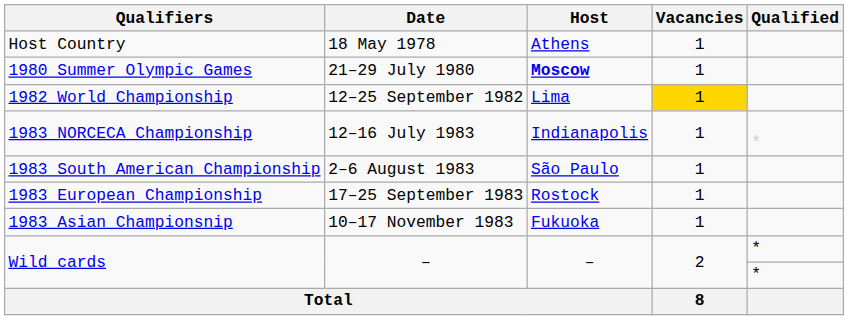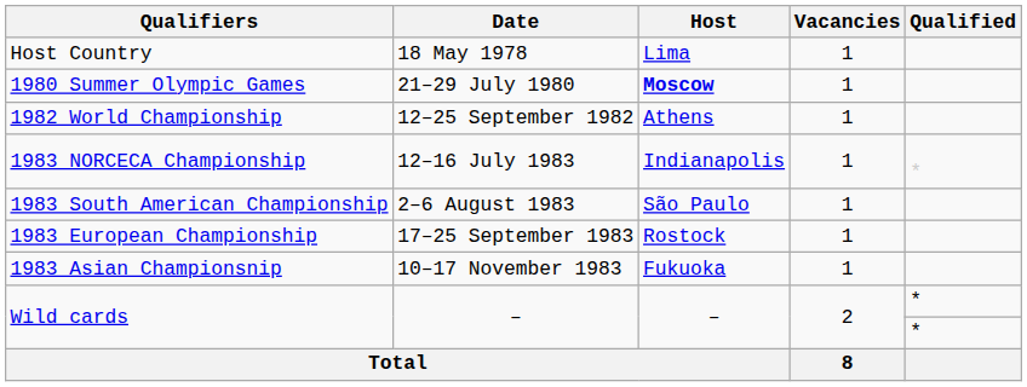 <table class="wikitable">
 <tr>
 <th>Qualifiers</th>
 <th>Date</th>
 <th>Host</th>
 <th>Vacancies</th>
 <th>Qualified</th>
 </tr>
 <tr>
 <td>Host Country</td>
 <td>18 May 1978</td>
-<td> <a href='#'>Athens</a></td>
+<td> <a href='#'>Lima</a></td>
 <td align="center">1</td>
 <td></td>
 </tr>
 <tr>
 <td><a href='#'>1980 Summer Olympic Games</a></td>
 <td>21–29 July 1980</td>
 <td><strong> <a href='#'>Moscow</a></strong></td>
 <td align="center">1</td>
 <td style="color:#ccc"><s></s></td>
 </tr>
 <tr>
 <td><a href='#'>1982 World Championship</a></td>
 <td>12–25 September 1982</td>
-<td> <a href='#'>Lima</a></td>
-<td align="center" style="background: gold;">1</td>
+<td> <a href='#'>Athens</a></td>
+<td align="center">1</td>
 <td></td>
 </tr>
 <tr>
 <td><a href='#'>1983 NORCECA Championship</a></td>
 <td>12–16 July 1983</td>
 <td> <a href='#'>Indianapolis</a></td>
 <td align="center">1</td>
 <td style="color:#ccc"><s></s><br>*</td>
 </tr>
 <tr>
 <td><a href='#'>1983 South American Championship</a></td>
 <td>2–6 August 1983</td>
 <td> <a href='#'>São Paulo</a></td>
 <td align="center">1</td>
 <td></td>
 </tr>
 <tr>
 <td><a href='#'>1983 European Championship</a></td>
 <td>17–25 September 1983</td>
 <td> <a href='#'>Rostock</a></td>
 <td align="center">1</td>
 <td style="color:#ccc"><s></s><br></td>
 </tr>
 <tr>
 <td><a href='#'>1983 Asian Championsnip</a></td>
 <td>10–17 November 1983</td>
 <td> <a href='#'>Fukuoka</a></td>
 <td align="center">1</td>
 <td></td>
 </tr>
 <tr>
 <td rowspan="2"><a href='#'>Wild cards</a></td>
 <td rowspan="2" align="center">–</td>
 <td rowspan="2" align="center">–</td>
 <td rowspan="2" align="center">2</td>
 <td>*</td>
 </tr>
 <tr>
 <td>*</td>
 </tr>
 <tr>
 <th colspan="3">Total</th>
 <th>8</th>
 <th></th>
 </tr>
 </table>
